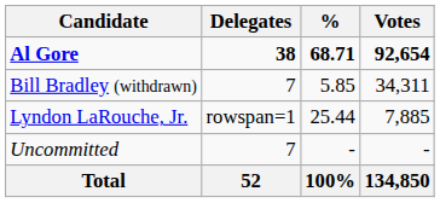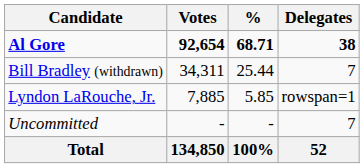 <table class="wikitable sortable" style="text-align:right;">
 <tr>
 <th>Candidate</th>
+<th>Votes</th>
+<th>%</th>
 <th>Delegates</th>
-<th>%</th>
-<th>Votes</th>
 </tr>
 <tr>
 <td style="text-align:left;" data-sort-value="Gore, Al"><strong><a href='#'>Al Gore</a></strong></td>
+<td><strong>92,654</strong></td>
+<td><strong>68.71</strong></td>
 <td><strong>38</strong></td>
-<td><strong>68.71</strong></td>
-<td><strong>92,654</strong></td>
 </tr>
 <tr>
 <td style="text-align:left;" data-sort-value="Bradley, Bill"><a href='#'>Bill Bradley</a> <small>(withdrawn)</small></td>
+<td>34,311</td>
+<td>25.44</td>
 <td>7</td>
-<td>5.85</td>
-<td>34,311</td>
 </tr>
 <tr>
 <td style="text-align:left;" data-sort-value="LaRouche, Jr., Lyndon"><a href='#'>Lyndon LaRouche, Jr.</a></td>
+<td>7,885</td>
+<td>5.85</td>
 <td>rowspan=1 </td>
-<td>25.44</td>
-<td>7,885</td>
 </tr>
 <tr>
 <td style="text-align:left;" data-sort-value="ZZZ"><em>Uncommitted</em></td>
-<td>7</td>
 <td>-</td>
 <td>-</td>
+<td>7</td>
 </tr>
 <tr>
 <th>Total</th>
+<th>134,850</th>
+<th>100%</th>
 <th>52</th>
-<th>100%</th>
-<th>134,850</th>
 </tr>
 </table>
